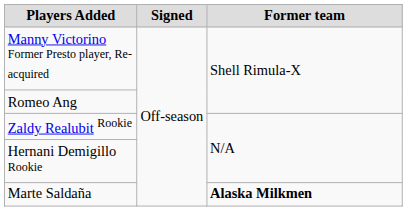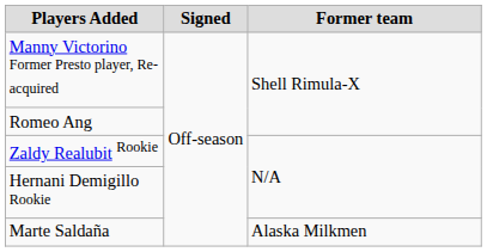 <table class="wikitable sortable sortable">
 <tr align="center" bgcolor="#dddddd">
 <td style="width:140px"><strong>Players Added</strong></td>
 <td style="width:70px"><strong>Signed</strong></td>
 <td style="width:210px"><strong>Former team</strong></td>
 </tr>
 <tr>
 <td><a href='#'>Manny Victorino</a> <sup>Former Presto player, Re-acquired</sup></td>
 <td rowspan="5">Off-season</td>
 <td rowspan="2">Shell Rimula-X</td>
 </tr>
 <tr>
 <td>Romeo Ang</td>
 </tr>
 <tr>
 <td><a href='#'>Zaldy Realubit</a> <sup>Rookie</sup></td>
 <td rowspan="2">N/A</td>
 </tr>
 <tr>
 <td>Hernani Demigillo <sup>Rookie</sup></td>
 </tr>
 <tr>
 <td>Marte Saldaña</td>
-<td><strong>Alaska Milkmen</strong></td>
+<td>Alaska Milkmen</td>
 </tr>
 </table>
